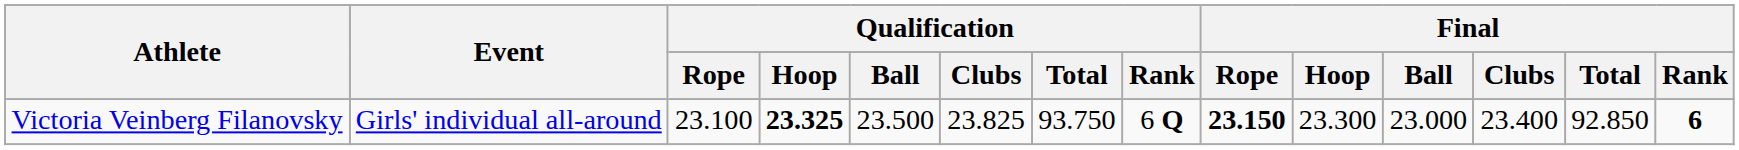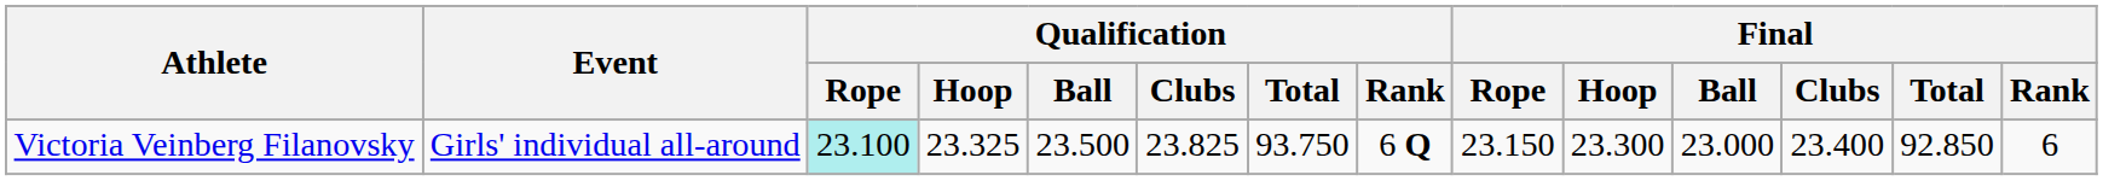 <table class="wikitable" style="font-size:90%">
 <tr>
 <th rowspan=2>Athlete</th>
 <th rowspan=2>Event</th>
 <th colspan="6">Qualification</th>
 <th colspan="6">Final</th>
 </tr>
 <tr>
 <th>Rope</th>
 <th>Hoop</th>
 <th>Ball</th>
 <th>Clubs</th>
 <th>Total</th>
 <th>Rank</th>
 <th>Rope</th>
 <th>Hoop</th>
 <th>Ball</th>
 <th>Clubs</th>
 <th>Total</th>
 <th>Rank</th>
 </tr>
 <tr align=center>
 <td align=left><a href='#'>Victoria Veinberg Filanovsky</a></td>
 <td align=left><a href='#'>Girls' individual all-around</a></td>
-<td>23.100</td>
-<td><strong>23.325</strong></td>
+<td style="background: paleturquoise;">23.100</td>
+<td>23.325</td>
 <td>23.500</td>
 <td>23.825</td>
 <td>93.750</td>
 <td>6 <strong>Q</strong></td>
-<td><strong>23.150</strong></td>
+<td>23.150</td>
 <td>23.300</td>
 <td>23.000</td>
 <td>23.400</td>
 <td>92.850</td>
-<td><strong>6</strong></td>
+<td>6</td>
 </tr>
 </table>
